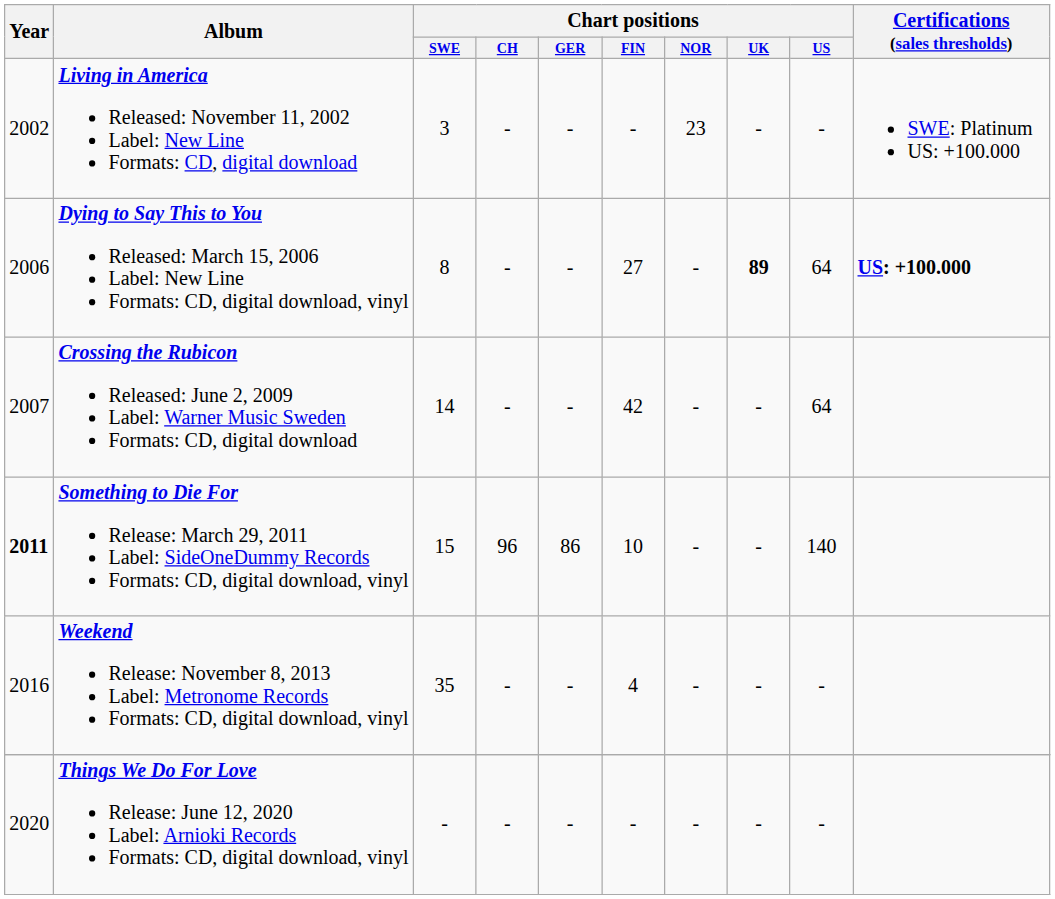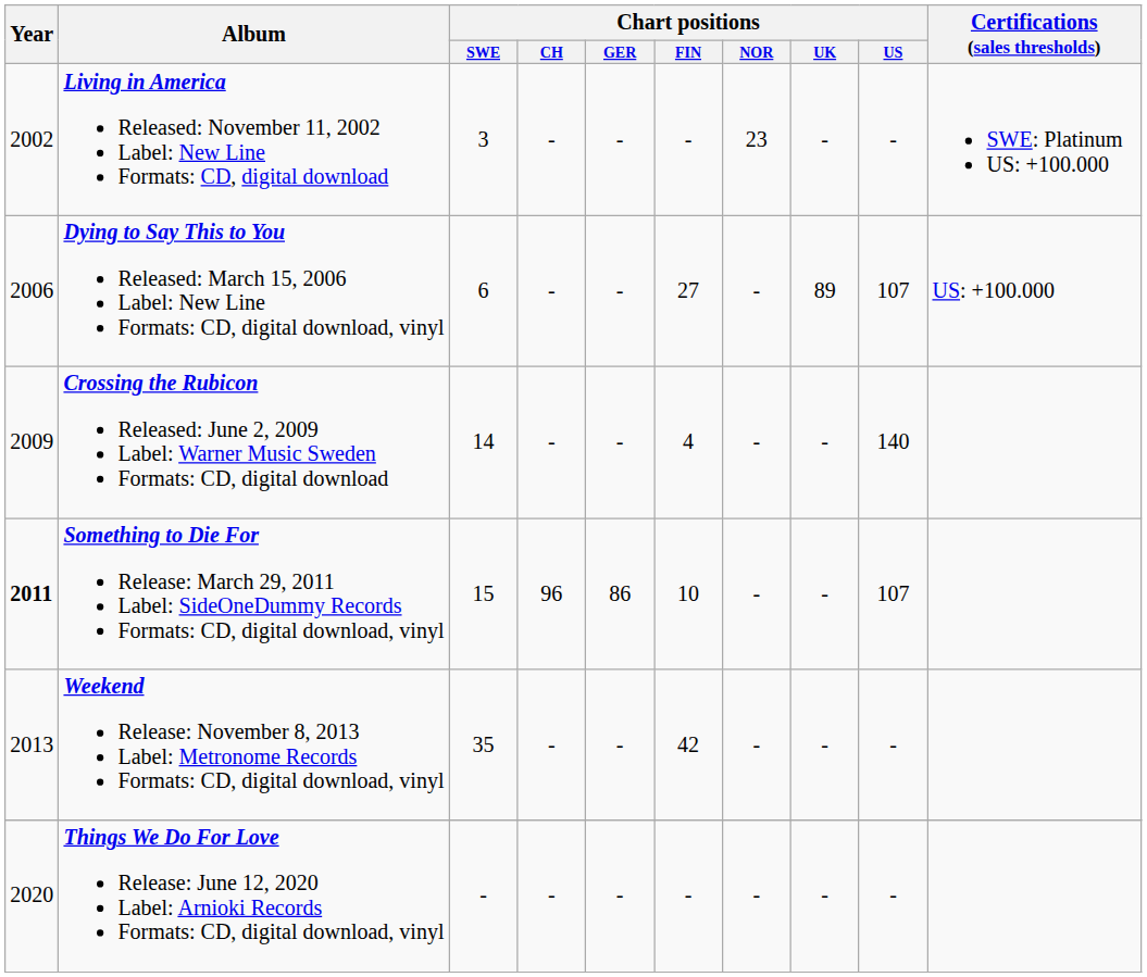 <table class="wikitable">
 <tr>
 <th rowspan="2">Year</th>
 <th rowspan="2">Album</th>
 <th colspan="7">Chart positions</th>
 <th style="width:150px;" rowspan="2"><a href='#'>Certifications</a><br><small>(<a href='#'>sales thresholds</a>)</small></th>
 </tr>
 <tr>
 <th style="width:4em;font-size:70%"><a href='#'>SWE</a><br></th>
 <th style="width:4em;font-size:70%"><a href='#'>CH</a><br></th>
 <th style="width:4em;font-size:70%"><a href='#'>GER</a><br></th>
 <th style="width:4em;font-size:70%"><a href='#'>FIN</a><br></th>
 <th style="width:4em;font-size:70%"><a href='#'>NOR</a><br></th>
 <th style="width:4em;font-size:70%"><a href='#'>UK</a><br></th>
 <th style="width:4em;font-size:70%"><a href='#'>US</a><br></th>
 </tr>
 <tr>
 <td>2002</td>
 <td><strong><em><a href='#'>Living in America</a></em></strong><br><ul><li>Released: November 11, 2002</li><li>Label: <a href='#'>New Line</a></li><li>Formats: <a href='#'>CD</a>, <a href='#'>digital download</a></li></ul></td>
 <td style="text-align:center;">3</td>
 <td style="text-align:center;">-</td>
 <td style="text-align:center;">-</td>
 <td style="text-align:center;">-</td>
 <td style="text-align:center;">23</td>
 <td style="text-align:center;">-</td>
 <td style="text-align:center;">-</td>
 <td><br><ul><li><a href='#'>SWE</a>: Platinum</li><li>US: +100.000</li></ul></td>
 </tr>
 <tr>
 <td>2006</td>
 <td><strong><em><a href='#'>Dying to Say This to You</a></em></strong><br><ul><li>Released: March 15, 2006</li><li>Label: New Line</li><li>Formats: CD, digital download, vinyl</li></ul></td>
-<td style="text-align:center;">8</td>
+<td style="text-align:center;">6</td>
 <td style="text-align:center;">-</td>
 <td style="text-align:center;">-</td>
 <td style="text-align:center;">27</td>
 <td style="text-align:center;">-</td>
-<td style="text-align:center;"><strong>89</strong></td>
-<td style="text-align:center;">64</td>
-<td><strong><a href='#'>US</a>: +100.000</strong></td>
+<td style="text-align:center;">89</td>
+<td style="text-align:center;">107</td>
+<td><a href='#'>US</a>: +100.000</td>
 </tr>
 <tr>
-<td>2007</td>
+<td>2009</td>
 <td><strong><em><a href='#'>Crossing the Rubicon</a></em></strong><br><ul><li>Released: June 2, 2009</li><li>Label: <a href='#'>Warner Music Sweden</a></li><li>Formats: CD, digital download</li></ul></td>
 <td style="text-align:center;">14</td>
 <td style="text-align:center;">-</td>
 <td style="text-align:center;">-</td>
-<td style="text-align:center;">42</td>
+<td style="text-align:center;">4</td>
 <td style="text-align:center;">-</td>
 <td style="text-align:center;">-</td>
-<td style="text-align:center;">64</td>
+<td style="text-align:center;">140</td>
 <td></td>
 </tr>
 <tr>
 <td><strong>2011</strong></td>
 <td><strong><em><a href='#'>Something to Die For</a></em></strong><br><ul><li>Release: March 29, 2011</li><li>Label: <a href='#'>SideOneDummy Records</a></li><li>Formats: CD, digital download, vinyl</li></ul></td>
 <td style="text-align:center;">15</td>
 <td style="text-align:center;">96</td>
 <td style="text-align:center;">86</td>
 <td style="text-align:center;">10</td>
 <td style="text-align:center;">-</td>
 <td style="text-align:center;">-</td>
-<td style="text-align:center;">140</td>
+<td style="text-align:center;">107</td>
 <td></td>
 </tr>
 <tr>
-<td>2016</td>
+<td>2013</td>
 <td><strong><em><a href='#'>Weekend</a></em></strong><br><ul><li>Release: November 8, 2013</li><li>Label: <a href='#'>Metronome Records</a></li><li>Formats: CD, digital download, vinyl</li></ul></td>
 <td style="text-align:center;">35</td>
 <td style="text-align:center;">-</td>
 <td style="text-align:center;">-</td>
-<td style="text-align:center;">4</td>
+<td style="text-align:center;">42</td>
 <td style="text-align:center;">-</td>
 <td style="text-align:center;">-</td>
 <td style="text-align:center;">-</td>
 <td></td>
 </tr>
 <tr>
 </tr>
 <tr>
 <td>2020</td>
 <td><strong><em><a href='#'>Things We Do For Love</a></em></strong><br><ul><li>Release: June 12, 2020</li><li>Label: <a href='#'>Arnioki Records</a></li><li>Formats: CD, digital download, vinyl</li></ul></td>
 <td style="text-align:center;">-</td>
 <td style="text-align:center;">-</td>
 <td style="text-align:center;">-</td>
 <td style="text-align:center;">-</td>
 <td style="text-align:center;">-</td>
 <td style="text-align:center;">-</td>
 <td style="text-align:center;">-</td>
 <td></td>
 </tr>
 <tr>
 </tr>
 </table>
